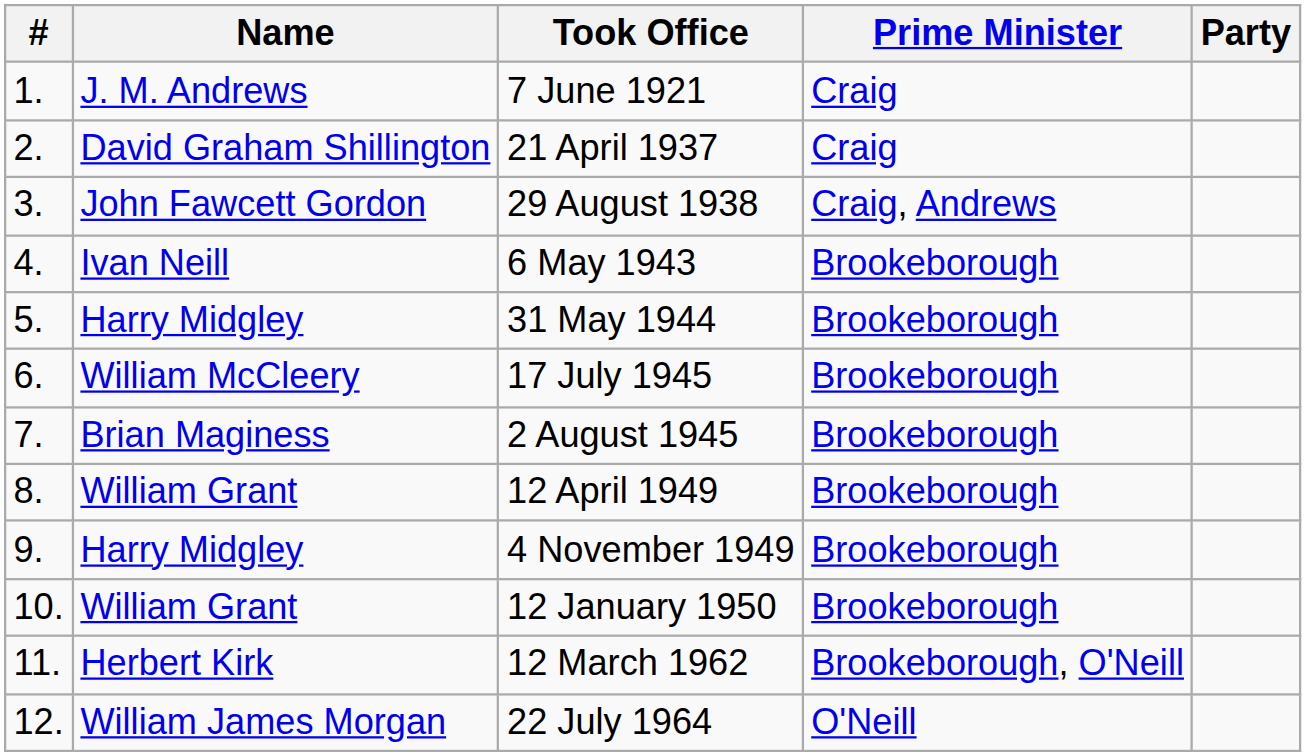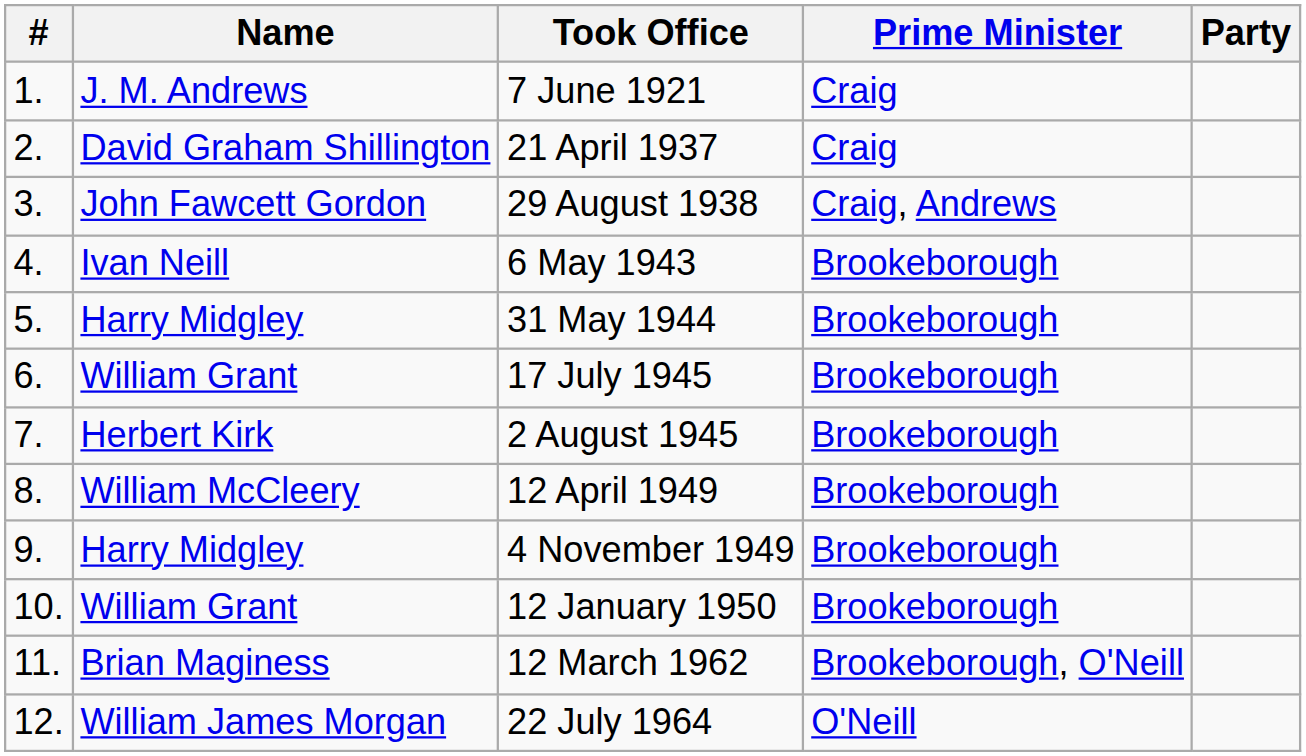 <table class="wikitable">
 <tr>
 <th>#</th>
 <th>Name</th>
 <th>Took Office</th>
 <th><a href='#'>Prime Minister</a></th>
 <th colspan=2>Party</th>
 </tr>
 <tr>
 <td>1.</td>
 <td><a href='#'>J. M. Andrews</a></td>
 <td>7 June 1921</td>
 <td><a href='#'>Craig</a></td>
 <td></td>
 </tr>
 <tr>
 <td>2.</td>
 <td><a href='#'>David Graham Shillington</a></td>
 <td>21 April 1937</td>
 <td><a href='#'>Craig</a></td>
 <td></td>
 </tr>
 <tr>
 <td>3.</td>
 <td><a href='#'>John Fawcett Gordon</a></td>
 <td>29 August 1938</td>
 <td><a href='#'>Craig</a>, <a href='#'>Andrews</a></td>
 <td></td>
 </tr>
 <tr>
 <td>4.</td>
 <td><a href='#'>Ivan Neill</a></td>
 <td>6 May 1943</td>
 <td><a href='#'>Brookeborough</a></td>
 <td></td>
 </tr>
 <tr>
 <td>5.</td>
 <td><a href='#'>Harry Midgley</a></td>
 <td>31 May 1944</td>
 <td><a href='#'>Brookeborough</a></td>
 <td></td>
 </tr>
 <tr>
 <td>6.</td>
-<td><a href='#'>William McCleery</a></td>
+<td><a href='#'>William Grant</a></td>
 <td>17 July 1945</td>
 <td><a href='#'>Brookeborough</a></td>
 <td></td>
 </tr>
 <tr>
 <td>7.</td>
-<td><a href='#'>Brian Maginess</a></td>
+<td><a href='#'>Herbert Kirk</a></td>
 <td>2 August 1945</td>
 <td><a href='#'>Brookeborough</a></td>
 <td></td>
 </tr>
 <tr>
 <td>8.</td>
-<td><a href='#'>William Grant</a></td>
+<td><a href='#'>William McCleery</a></td>
 <td>12 April 1949</td>
 <td><a href='#'>Brookeborough</a></td>
 <td></td>
 </tr>
 <tr>
 <td>9.</td>
 <td><a href='#'>Harry Midgley</a></td>
 <td>4 November 1949</td>
 <td><a href='#'>Brookeborough</a></td>
 <td></td>
 </tr>
 <tr>
 <td>10.</td>
 <td><a href='#'>William Grant</a></td>
 <td>12 January 1950</td>
 <td><a href='#'>Brookeborough</a></td>
 <td></td>
 </tr>
 <tr>
 <td>11.</td>
-<td><a href='#'>Herbert Kirk</a></td>
+<td><a href='#'>Brian Maginess</a></td>
 <td>12 March 1962</td>
 <td><a href='#'>Brookeborough</a>, <a href='#'>O'Neill</a></td>
 <td></td>
 </tr>
 <tr>
 <td>12.</td>
 <td><a href='#'>William James Morgan</a></td>
 <td>22 July 1964</td>
 <td><a href='#'>O'Neill</a></td>
 <td></td>
 </tr>
 </table>
